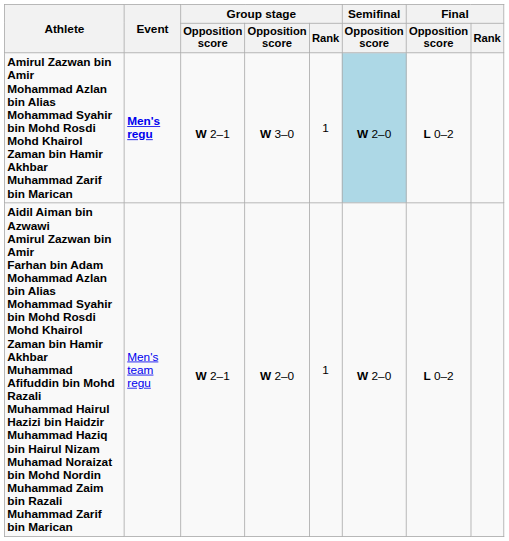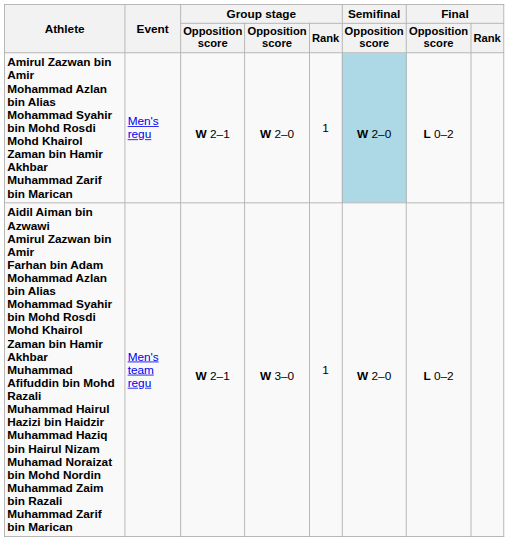 <table class="wikitable" style="font-size:90%;text-align:center">
 <tr>
 <th rowspan="2">Athlete</th>
 <th rowspan="2">Event</th>
 <th colspan="3">Group stage</th>
 <th>Semifinal</th>
 <th colspan="2">Final</th>
 </tr>
 <tr style=font-size:95%>
 <th>Opposition<br> score</th>
 <th>Opposition<br> score</th>
 <th>Rank</th>
 <th>Opposition<br> score</th>
 <th>Opposition<br> score</th>
 <th>Rank</th>
 </tr>
 <tr>
 <td align="left"><strong>Amirul Zazwan bin Amir<br>Mohammad Azlan bin Alias<br>Mohammad Syahir bin Mohd Rosdi<br>Mohd Khairol Zaman bin Hamir Akhbar<br>Muhammad Zarif bin Marican</strong></td>
-<td align="left"><strong><a href='#'>Men's regu</a></strong></td>
+<td align="left"><a href='#'>Men's regu</a></td>
 <td><br><strong>W</strong> 2–1</td>
-<td><br><strong>W</strong> 3–0</td>
+<td><br><strong>W</strong> 2–0</td>
 <td>1 <strong></strong></td>
 <td style="background: lightblue;"><br><strong>W</strong> 2–0</td>
 <td><br><strong>L</strong> 0–2</td>
 <td></td>
 </tr>
 <tr>
 <td align="left"><strong>Aidil Aiman bin Azwawi<br>Amirul Zazwan bin Amir<br>Farhan bin Adam<br>Mohammad Azlan bin Alias<br>Mohammad Syahir bin Mohd Rosdi<br>Mohd Khairol Zaman bin Hamir Akhbar<br>Muhammad Afifuddin bin Mohd Razali<br>Muhammad Hairul Hazizi bin Haidzir<br>Muhammad Haziq bin Hairul Nizam<br>Muhamad Noraizat bin Mohd Nordin<br>Muhammad Zaim bin Razali<br>Muhammad Zarif bin Marican</strong></td>
 <td align="left"><a href='#'>Men's team regu</a></td>
 <td><br><strong>W</strong> 2–1</td>
-<td><br><strong>W</strong> 2–0</td>
+<td><br><strong>W</strong> 3–0</td>
 <td>1 <strong></strong></td>
 <td><br><strong>W</strong> 2–0</td>
 <td><br><strong>L</strong> 0–2</td>
 <td></td>
 </tr>
 </table>
